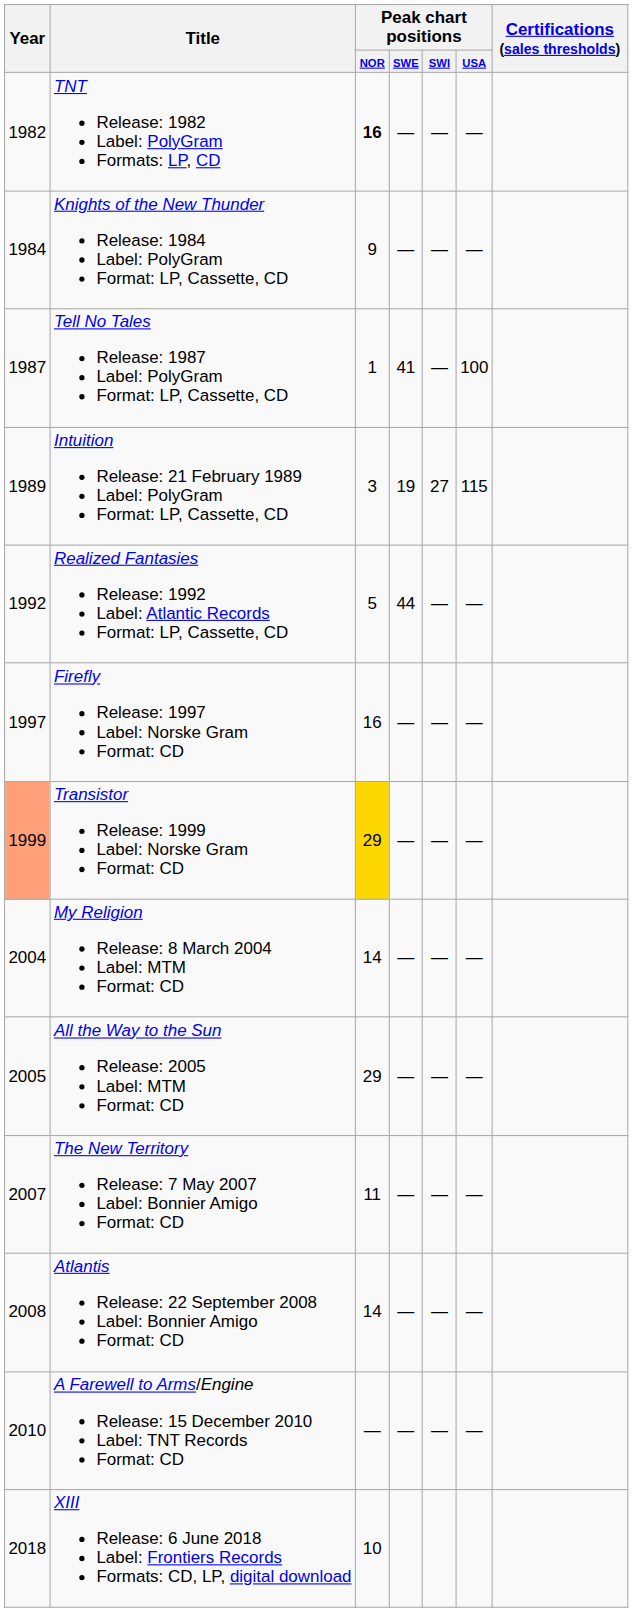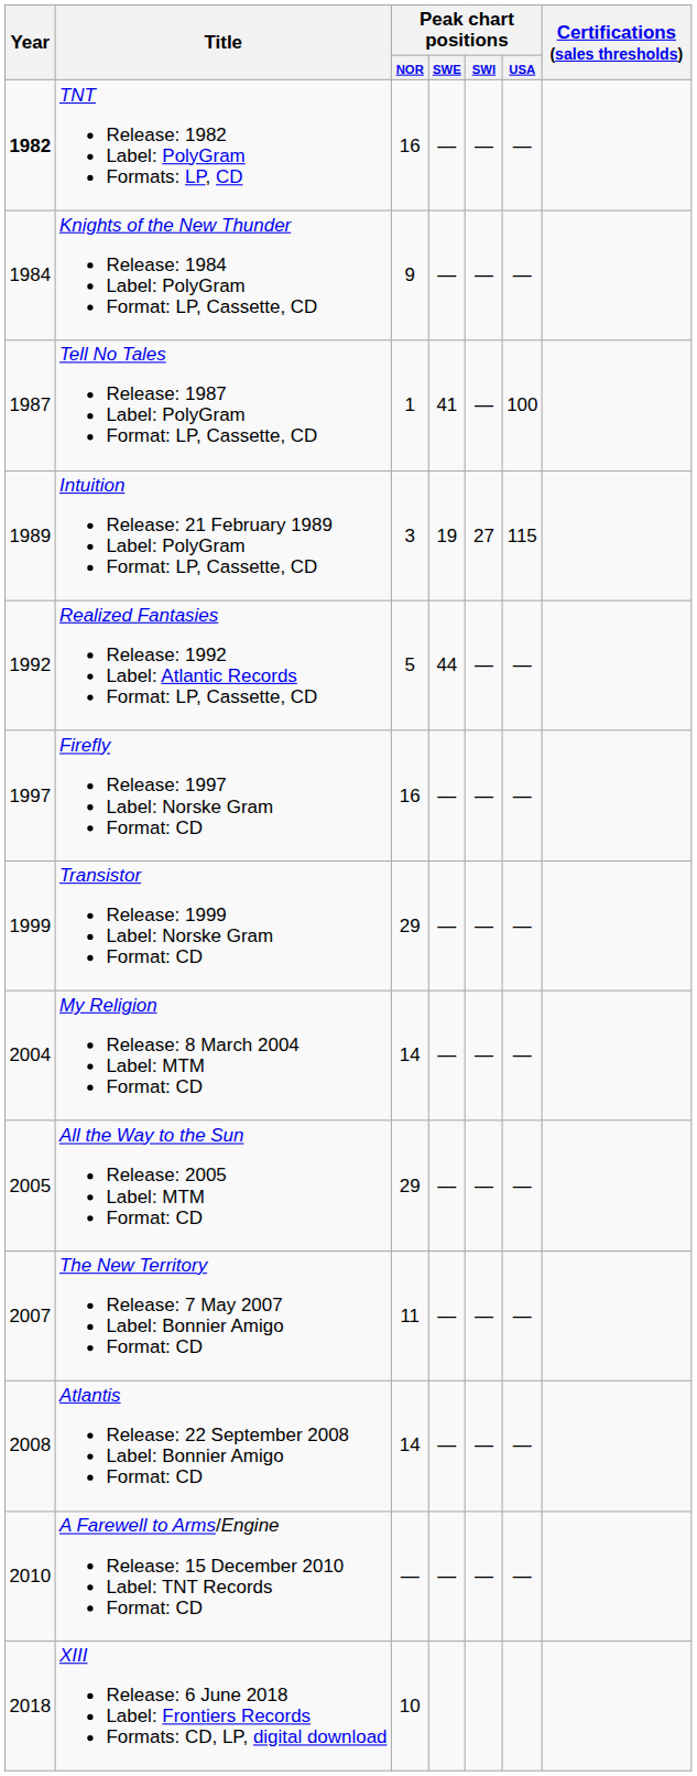 <table class="wikitable">
 <tr>
 <th rowspan="2">Year</th>
 <th rowspan="2">Title</th>
 <th colspan="4">Peak chart positions</th>
 <th rowspan="2" width="120"><a href='#'>Certifications</a><br><small>(<a href='#'>sales thresholds</a>)</small></th>
 </tr>
 <tr>
 <th style="width:2em;font-size:80%"><small><a href='#'>NOR</a></small><br></th>
 <th style="width:2em;font-size:80%"><small><a href='#'>SWE</a></small><br></th>
 <th style="width:2em;font-size:80%"><small><a href='#'>SWI</a></small><br></th>
 <th style="width:2em;font-size:80%"><small><a href='#'>USA</a></small><br></th>
 </tr>
 <tr>
-<td rowspan="1" align="center">1982</td>
+<td rowspan="1" align="center"><strong>1982</strong></td>
 <td><em><a href='#'>TNT</a></em><br><ul><li>Release: 1982</li><li>Label: <a href='#'>PolyGram</a></li><li>Formats: <a href='#'>LP</a>, <a href='#'>CD</a></li></ul></td>
-<td align="center"><strong>16</strong></td>
+<td align="center">16</td>
 <td align="center">—</td>
 <td align="center">—</td>
 <td align="center">—</td>
 <td></td>
 </tr>
 <tr>
 <td rowspan="1" align="center">1984</td>
 <td><em><a href='#'>Knights of the New Thunder</a></em><br><ul><li>Release: 1984</li><li>Label: PolyGram</li><li>Format: LP, Cassette, CD</li></ul></td>
 <td align="center">9</td>
 <td align="center">—</td>
 <td align="center">—</td>
 <td align="center">—</td>
 <td></td>
 </tr>
 <tr>
 <td rowspan="1" align="center">1987</td>
 <td><em><a href='#'>Tell No Tales</a></em><br><ul><li>Release: 1987</li><li>Label: PolyGram</li><li>Format: LP, Cassette, CD</li></ul></td>
 <td align="center">1</td>
 <td align="center">41</td>
 <td align="center">—</td>
 <td align="center">100</td>
 <td></td>
 </tr>
 <tr>
 <td rowspan="1" align="center">1989</td>
 <td><em><a href='#'>Intuition</a></em><br><ul><li>Release: 21 February 1989</li><li>Label: PolyGram</li><li>Format: LP, Cassette, CD</li></ul></td>
 <td align="center">3</td>
 <td align="center">19</td>
 <td align="center">27</td>
 <td align="center">115</td>
 <td></td>
 </tr>
 <tr>
 <td rowspan="1" align="center">1992</td>
 <td><em><a href='#'>Realized Fantasies</a></em><br><ul><li>Release: 1992</li><li>Label: <a href='#'>Atlantic Records</a></li><li>Format: LP, Cassette, CD</li></ul></td>
 <td align="center">5</td>
 <td align="center">44</td>
 <td align="center">—</td>
 <td align="center">—</td>
 <td></td>
 </tr>
 <tr>
 <td rowspan="1" align="center">1997</td>
 <td><em><a href='#'>Firefly</a></em><br><ul><li>Release: 1997</li><li>Label: Norske Gram</li><li>Format: CD</li></ul></td>
 <td align="center">16</td>
 <td align="center">—</td>
 <td align="center">—</td>
 <td align="center">—</td>
 <td></td>
 </tr>
 <tr>
-<td rowspan="1" align="center" style="background: lightsalmon;">1999</td>
+<td rowspan="1" align="center">1999</td>
 <td><em><a href='#'>Transistor</a></em><br><ul><li>Release: 1999</li><li>Label: Norske Gram</li><li>Format: CD</li></ul></td>
-<td align="center" style="background: gold;">29</td>
+<td align="center">29</td>
 <td align="center">—</td>
 <td align="center">—</td>
 <td align="center">—</td>
 <td></td>
 </tr>
 <tr>
 <td rowspan="1" align="center">2004</td>
 <td><em><a href='#'>My Religion</a></em><br><ul><li>Release: 8 March 2004</li><li>Label: MTM</li><li>Format: CD</li></ul></td>
 <td align="center">14</td>
 <td align="center">—</td>
 <td align="center">—</td>
 <td align="center">—</td>
 <td></td>
 </tr>
 <tr>
 <td rowspan="1" align="center">2005</td>
 <td><em><a href='#'>All the Way to the Sun</a></em><br><ul><li>Release: 2005</li><li>Label: MTM</li><li>Format: CD</li></ul></td>
 <td align="center">29</td>
 <td align="center">—</td>
 <td align="center">—</td>
 <td align="center">—</td>
 <td></td>
 </tr>
 <tr>
 <td rowspan="1" align="center">2007</td>
 <td><em><a href='#'>The New Territory</a></em><br><ul><li>Release: 7 May 2007</li><li>Label: Bonnier Amigo</li><li>Format: CD</li></ul></td>
 <td align="center">11</td>
 <td align="center">—</td>
 <td align="center">—</td>
 <td align="center">—</td>
 <td></td>
 </tr>
 <tr>
 <td rowspan="1" align="center">2008</td>
 <td><em><a href='#'>Atlantis</a></em><br><ul><li>Release: 22 September 2008</li><li>Label: Bonnier Amigo</li><li>Format: CD</li></ul></td>
 <td align="center">14</td>
 <td align="center">—</td>
 <td align="center">—</td>
 <td align="center">—</td>
 <td></td>
 </tr>
 <tr>
 <td align="center">2010</td>
 <td><em><a href='#'>A Farewell to Arms</a></em>/<em>Engine</em><br><ul><li>Release: 15 December 2010</li><li>Label: TNT Records</li><li>Format: CD</li></ul></td>
 <td align="center">—</td>
 <td align="center">—</td>
 <td align="center">—</td>
 <td align="center">—</td>
 <td></td>
 </tr>
 <tr>
 <td align="center">2018</td>
 <td><em><a href='#'>XIII</a></em><br><ul><li>Release: 6 June 2018</li><li>Label: <a href='#'>Frontiers Records</a></li><li>Formats: CD, LP, <a href='#'>digital download</a></li></ul></td>
 <td align="center">10<br></td>
 <td align="center"></td>
 <td align="center"></td>
 <td align="center"></td>
 <td></td>
 </tr>
 </table>
